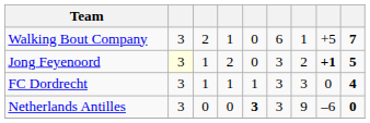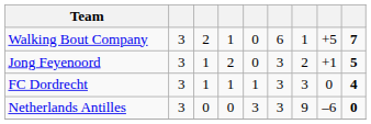 <table class="wikitable" style="text-align: center;">
 <tr>
 <th style="width:175px;">Team</th>
 <th width="20"></th>
 <th width="20"></th>
 <th width="20"></th>
 <th width="20"></th>
 <th width="20"></th>
 <th width="20"></th>
 <th width="20"></th>
 <th width="20"></th>
 </tr>
 <tr>
 <td align=left> <a href='#'>Walking Bout Company</a></td>
 <td>3</td>
 <td>2</td>
 <td>1</td>
 <td>0</td>
 <td>6</td>
 <td>1</td>
 <td>+5</td>
 <td><strong>7</strong></td>
 </tr>
 <tr>
 <td align=left> <a href='#'>Jong Feyenoord</a></td>
-<td style="background: lightyellow;">3</td>
+<td>3</td>
 <td>1</td>
 <td>2</td>
 <td>0</td>
 <td>3</td>
 <td>2</td>
-<td><strong>+1</strong></td>
+<td>+1</td>
 <td><strong>5</strong></td>
 </tr>
 <tr>
 <td align=left> <a href='#'>FC Dordrecht</a></td>
 <td>3</td>
 <td>1</td>
 <td>1</td>
 <td>1</td>
 <td>3</td>
 <td>3</td>
 <td>0</td>
 <td><strong>4</strong></td>
 </tr>
 <tr>
 <td align=left> <a href='#'>Netherlands Antilles</a></td>
 <td>3</td>
 <td>0</td>
 <td>0</td>
-<td><strong>3</strong></td>
+<td>3</td>
 <td>3</td>
 <td>9</td>
 <td>–6</td>
 <td><strong>0</strong></td>
 </tr>
 <tr>
 </tr>
 </table>
